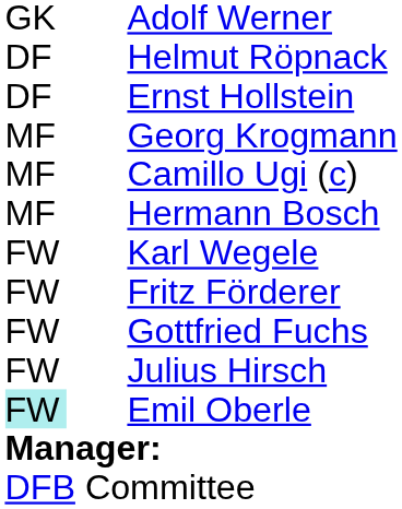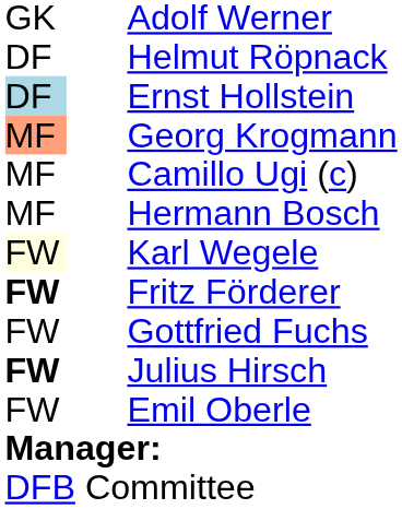 <table cellspacing="0" cellpadding="0" style="font-size:90%; margin:0.2em auto;">
 <tr>
 <th width="25"></th>
 <th width="25"></th>
 </tr>
 <tr>
 <td>GK</td>
 <td></td>
 <td><a href='#'>Adolf Werner</a></td>
 </tr>
 <tr>
 <td>DF</td>
 <td></td>
 <td><a href='#'>Helmut Röpnack</a></td>
 </tr>
 <tr>
-<td>DF</td>
+<td style="background: lightblue;">DF</td>
 <td></td>
 <td><a href='#'>Ernst Hollstein</a></td>
 </tr>
 <tr>
-<td>MF</td>
+<td style="background: lightsalmon;">MF</td>
 <td></td>
 <td><a href='#'>Georg Krogmann</a></td>
 </tr>
 <tr>
 <td>MF</td>
 <td></td>
 <td><a href='#'>Camillo Ugi</a> (<a href='#'>c</a>)</td>
 </tr>
 <tr>
 <td>MF</td>
 <td></td>
 <td><a href='#'>Hermann Bosch</a></td>
 </tr>
 <tr>
-<td>FW</td>
+<td style="background: lightyellow;">FW</td>
 <td></td>
 <td><a href='#'>Karl Wegele</a></td>
 </tr>
 <tr>
-<td>FW</td>
+<td><strong>FW</strong></td>
 <td></td>
 <td><a href='#'>Fritz Förderer</a></td>
 </tr>
 <tr>
 <td>FW</td>
 <td></td>
 <td><a href='#'>Gottfried Fuchs</a></td>
 </tr>
 <tr>
-<td>FW</td>
+<td><strong>FW</strong></td>
 <td></td>
 <td><a href='#'>Julius Hirsch</a></td>
 </tr>
 <tr>
-<td style="background: paleturquoise;">FW</td>
+<td>FW</td>
 <td></td>
 <td><a href='#'>Emil Oberle</a></td>
 </tr>
 <tr>
 <td colspan=3><strong>Manager:</strong></td>
 </tr>
 <tr>
 <td colspan=4> <a href='#'>DFB</a> Committee</td>
 </tr>
 </table>
